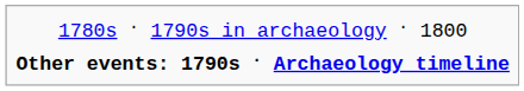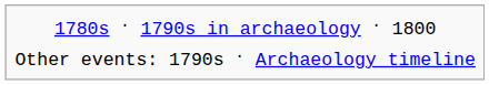 <table class="infobox">
 <tr style="background-color:#f3f3f3 width:29em">
 <td align="center"><a href='#'>1780s</a> <sup>.</sup> <a href='#'>1790s in archaeology</a> <sup>.</sup> 1800<br></td>
 </tr>
 <tr>
-<td align="center"><strong>Other events: 1790s <sup>.</sup> <a href='#'>Archaeology timeline</a></strong></td>
+<td align="center">Other events: 1790s <sup>.</sup> <a href='#'>Archaeology timeline</a></td>
 </tr>
 </table>
